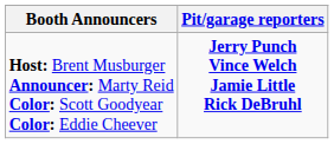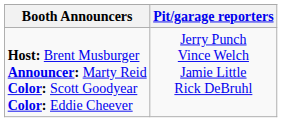 <table class="wikitable" style="font-size: 95%;">
 <tr>
 </tr>
 <tr>
 <th>Booth Announcers</th>
 <th><a href='#'>Pit/garage reporters</a></th>
 </tr>
 <tr>
 <td valign="top"><br><strong>Host:</strong> <a href='#'>Brent Musburger</a><br> <strong><a href='#'>Announcer</a>:</strong> <a href='#'>Marty Reid</a><br> <strong><a href='#'>Color</a>:</strong> <a href='#'>Scott Goodyear</a><br> <strong><a href='#'>Color</a>:</strong> <a href='#'>Eddie Cheever</a><br></td>
-<td align="center" valign="top"><strong><a href='#'>Jerry Punch</a><br><a href='#'>Vince Welch</a><br><a href='#'>Jamie Little</a><br><a href='#'>Rick DeBruhl</a><br></strong></td>
+<td align="center" valign="top"><a href='#'>Jerry Punch</a><br><a href='#'>Vince Welch</a><br><a href='#'>Jamie Little</a><br><a href='#'>Rick DeBruhl</a><br></td>
 </tr>
 </table>
